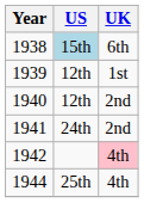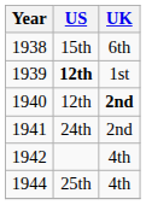 <table class="wikitable sortable sticky header-multi plainrowheaders" width="20%">
 <tr align="center">
 <th width=5% scope="col">Year</th>
 <th width=5% scope="col"><a href='#'>US</a></th>
 <th width=5% scope="col"><a href='#'>UK</a></th>
 </tr>
 <tr align="center">
 <td>1938</td>
-<td style="background: lightblue;">15th</td>
+<td>15th</td>
 <td>6th</td>
 </tr>
 <tr align="center">
 <td>1939</td>
-<td>12th</td>
+<td><strong>12th</strong></td>
 <td>1st</td>
 </tr>
 <tr align="center">
 <td>1940</td>
 <td>12th</td>
-<td>2nd</td>
+<td><strong>2nd</strong></td>
 </tr>
 <tr align="center">
 <td>1941</td>
 <td>24th</td>
 <td>2nd</td>
 </tr>
 <tr align="center">
 <td>1942</td>
 <td></td>
-<td style="background: pink;">4th</td>
+<td>4th</td>
 </tr>
 <tr align="center">
 <td>1944</td>
 <td>25th</td>
 <td>4th</td>
 </tr>
 <tr align="center">
 </tr>
 </table>
